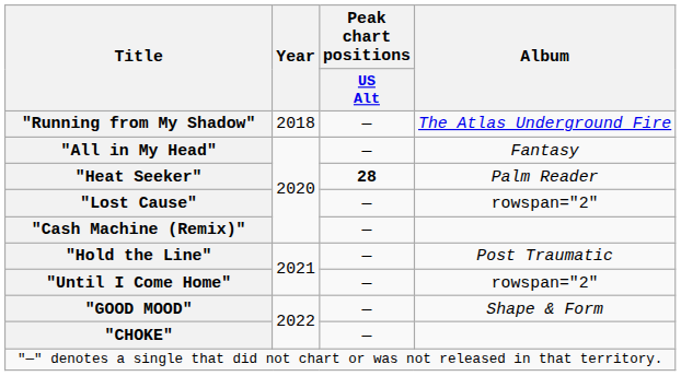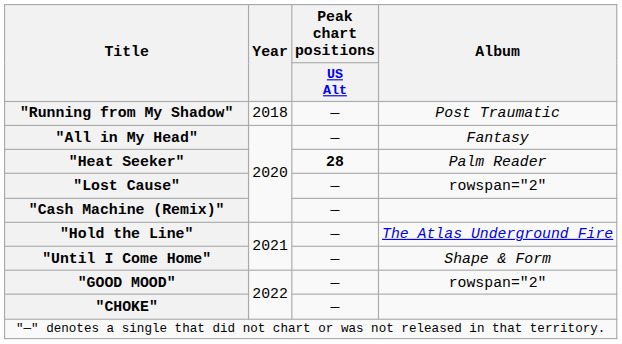 <table class="wikitable plainrowheaders" style="text-align:center;">
 <tr>
 <th scope="col" rowspan="2" style="width:16em;">Title</th>
 <th scope="col" rowspan="2" style="width:1em;">Year</th>
 <th scope="col" colspan="1">Peak chart positions</th>
 <th scope="col" rowspan="2">Album</th>
 </tr>
 <tr>
 <th scope="col" style="width:2.5em;font-size:90%;"><a href='#'>US<br>Alt</a><br></th>
 </tr>
 <tr>
 <th scope="row">"Running from My Shadow"<br></th>
 <td rowspan="1">2018</td>
 <td>—</td>
-<td><em><a href='#'>The Atlas Underground Fire</a></em></td>
+<td rowspan="1"><em>Post Traumatic</em></td>
 </tr>
 <tr>
 <th scope="row">"All in My Head"<br></th>
 <td rowspan="4">2020</td>
 <td>—</td>
 <td><em>Fantasy</em></td>
 </tr>
 <tr>
 <th scope="row">"Heat Seeker"<br></th>
 <td><strong>28</strong></td>
 <td><em>Palm Reader</em></td>
 </tr>
 <tr>
 <th scope="row">"Lost Cause"<br></th>
 <td>—</td>
 <td>rowspan="2" </td>
 </tr>
 <tr>
 <th scope="row">"Cash Machine (Remix)"<br></th>
 <td>—</td>
 </tr>
 <tr>
 <th scope="row">"Hold the Line"<br></th>
 <td rowspan="2">2021</td>
 <td>—</td>
-<td rowspan="1"><em>Post Traumatic</em></td>
+<td><em><a href='#'>The Atlas Underground Fire</a></em></td>
 </tr>
 <tr>
 <th scope="row">"Until I Come Home"<br></th>
 <td>—</td>
-<td>rowspan="2" </td>
+<td><em>Shape & Form</em></td>
 </tr>
 <tr>
 <th scope="row">"GOOD MOOD"<br></th>
 <td rowspan="2">2022</td>
 <td>—</td>
-<td><em>Shape & Form</em></td>
+<td>rowspan="2" </td>
 </tr>
 <tr>
 <th scope="row">"CHOKE"<br></th>
 <td>—</td>
 </tr>
 <tr>
 <td colspan="4" style="font-size:85%">"—" denotes a single that did not chart or was not released in that territory.</td>
 </tr>
 </table>
